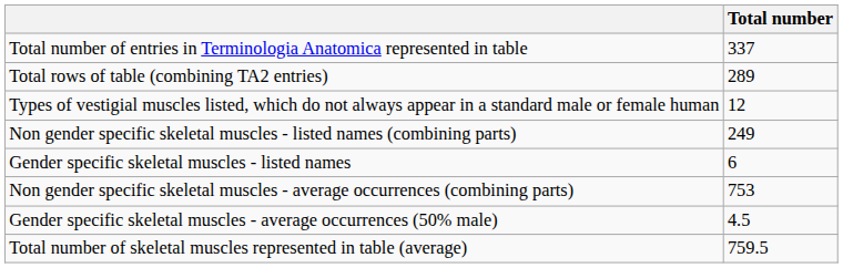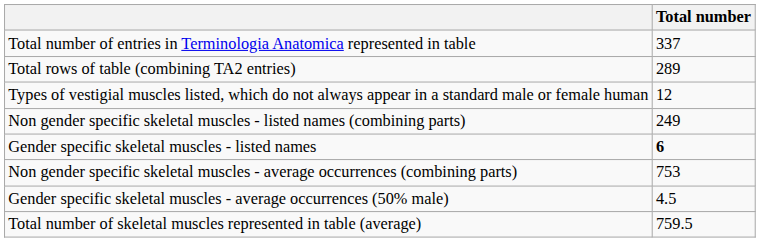 <table class="wikitable">
 <tr>
 <th></th>
 <th>Total number</th>
 </tr>
 <tr>
 <td>Total number of entries in <a href='#'>Terminologia Anatomica</a> represented in table</td>
 <td>337</td>
 </tr>
 <tr>
 <td>Total rows of table (combining TA2 entries)</td>
 <td>289</td>
 </tr>
 <tr>
 <td>Types of vestigial muscles listed, which do not always appear in a standard male or female human</td>
 <td>12</td>
 </tr>
 <tr>
 <td>Non gender specific skeletal muscles - listed names (combining parts)</td>
 <td>249</td>
 </tr>
 <tr>
 <td>Gender specific skeletal muscles - listed names</td>
-<td>6</td>
+<td><strong>6</strong></td>
 </tr>
 <tr>
 <td>Non gender specific skeletal muscles - average occurrences (combining parts)</td>
 <td>753</td>
 </tr>
 <tr>
 <td>Gender specific skeletal muscles - average occurrences (50% male)</td>
 <td>4.5</td>
 </tr>
 <tr>
 <td>Total number of skeletal muscles represented in table (average)</td>
 <td>759.5</td>
 </tr>
 </table>
